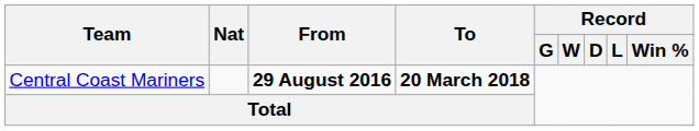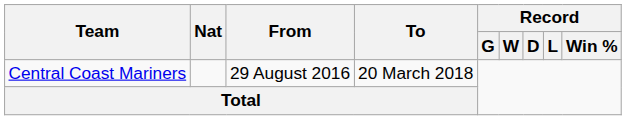 <table class="wikitable" style="text-align: center">
 <tr>
 <th rowspan=2>Team</th>
 <th rowspan=2>Nat</th>
 <th rowspan=2>From</th>
 <th rowspan=2>To</th>
 <th colspan=5>Record</th>
 </tr>
 <tr>
 <th>G</th>
 <th>W</th>
 <th>D</th>
 <th>L</th>
 <th>Win %</th>
 </tr>
 <tr>
 <td align=left><a href='#'>Central Coast Mariners</a></td>
 <td></td>
-<td align=left><strong>29 August 2016</strong></td>
-<td align=left><strong>20 March 2018<br></strong></td>
+<td align=left>29 August 2016</td>
+<td align=left>20 March 2018<br></td>
 </tr>
 <tr>
 <th colspan=4>Total<br></th>
 </tr>
 </table>
